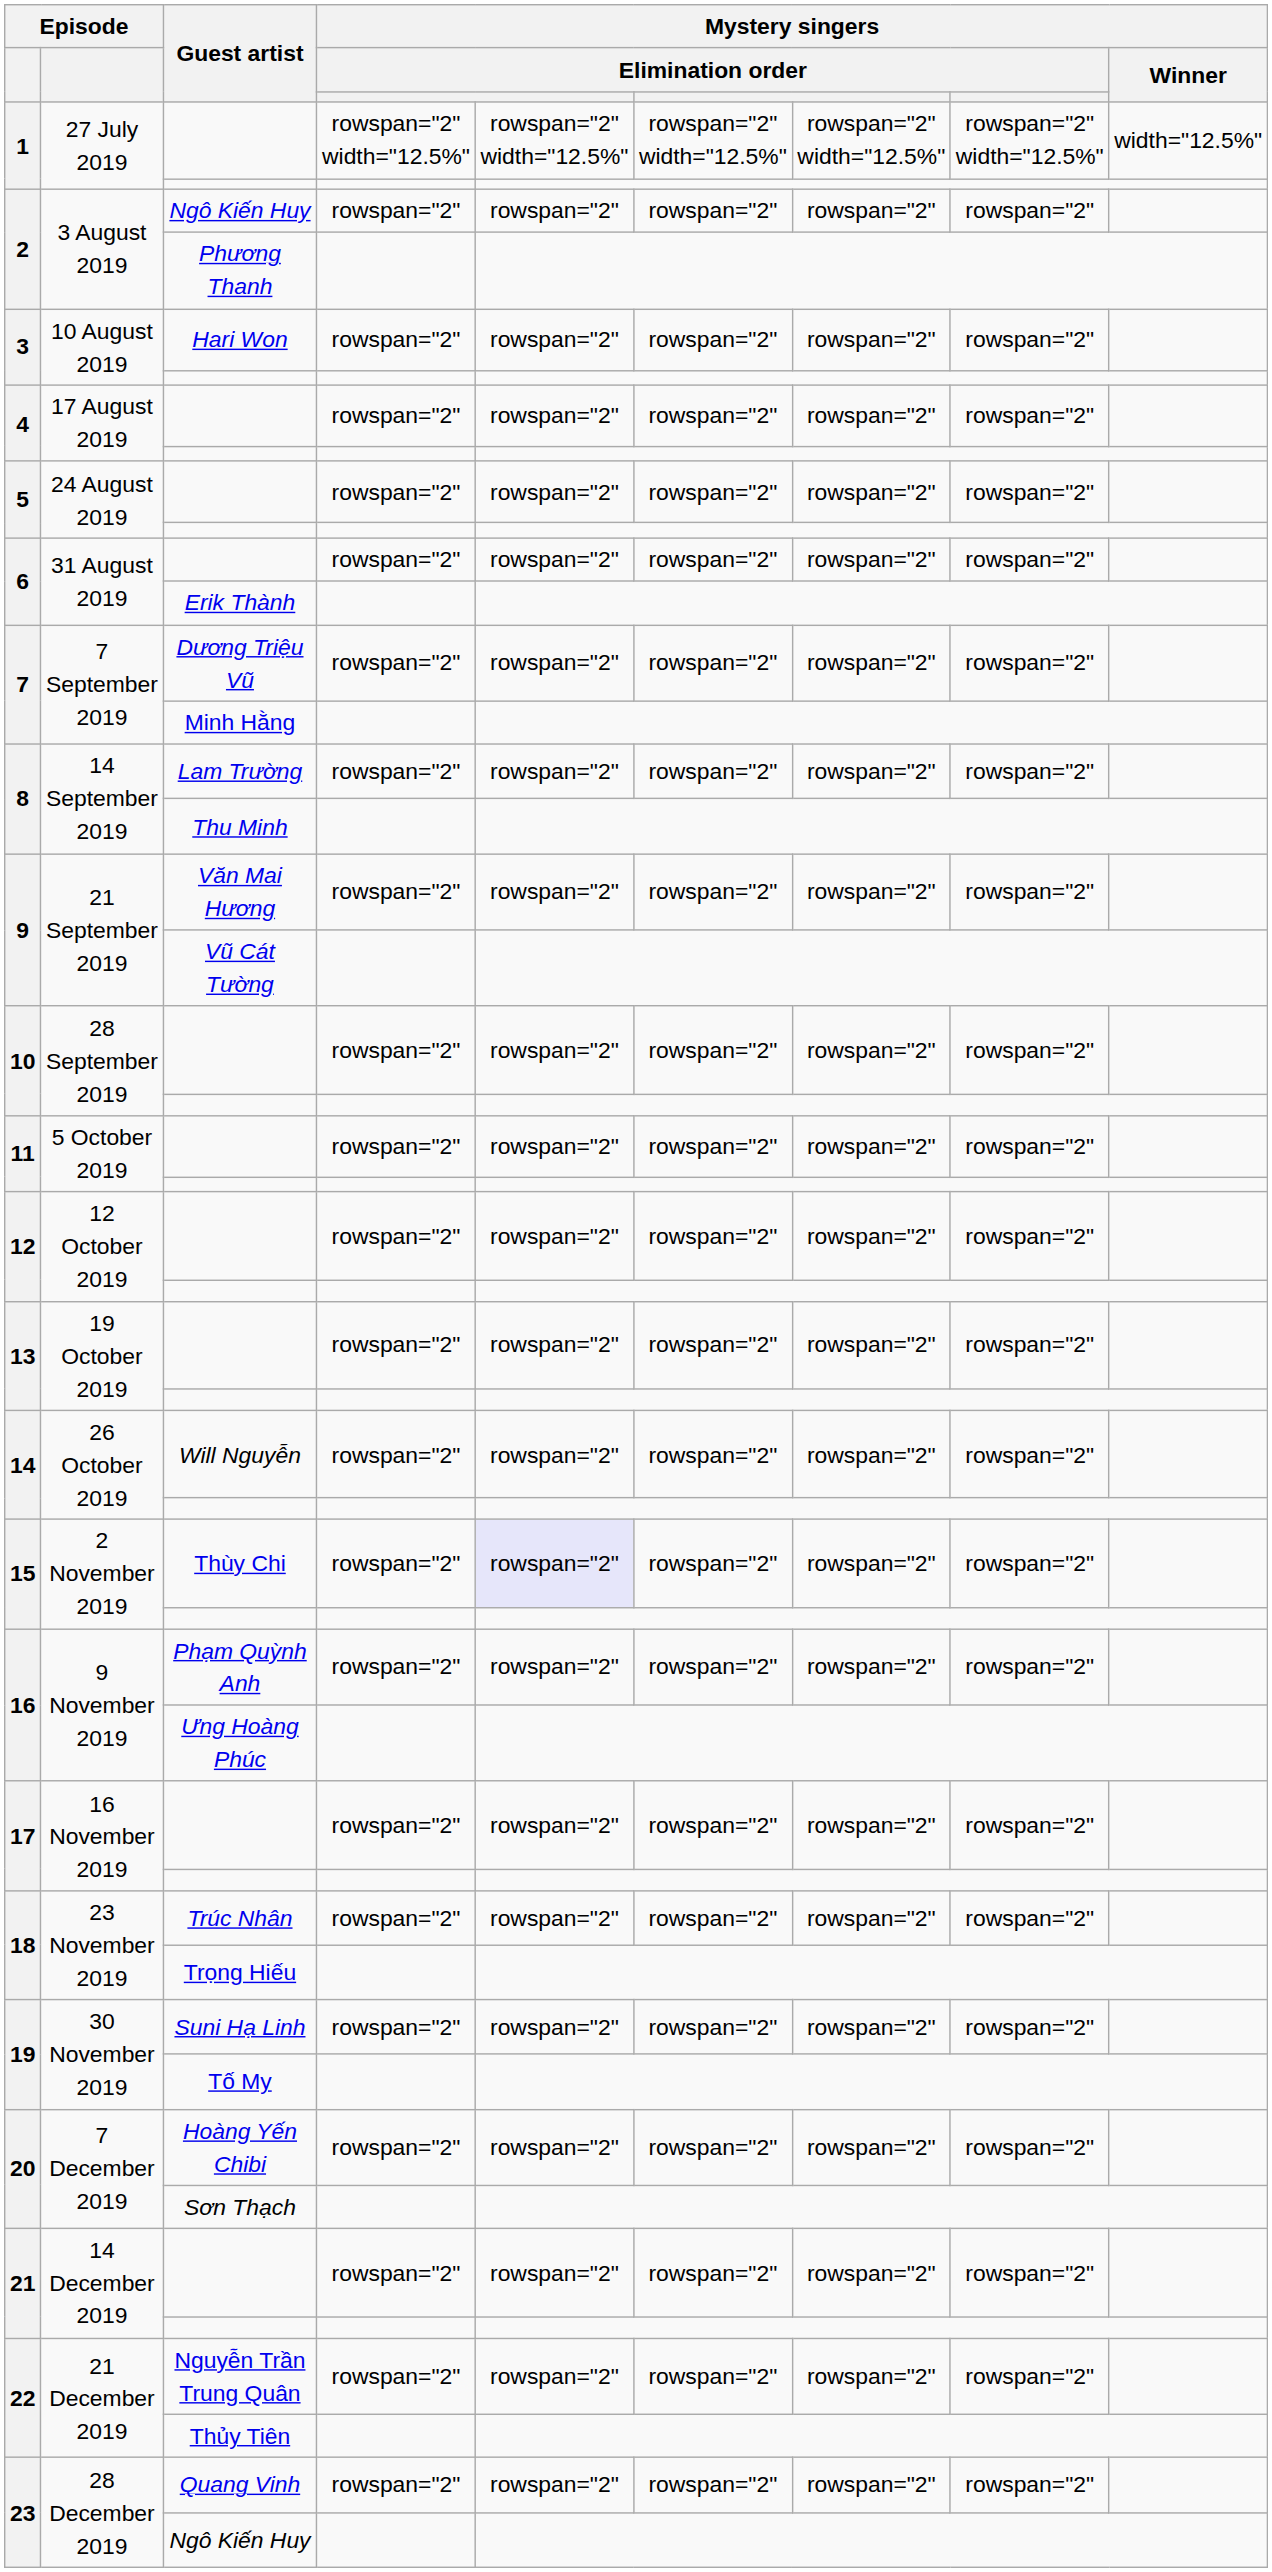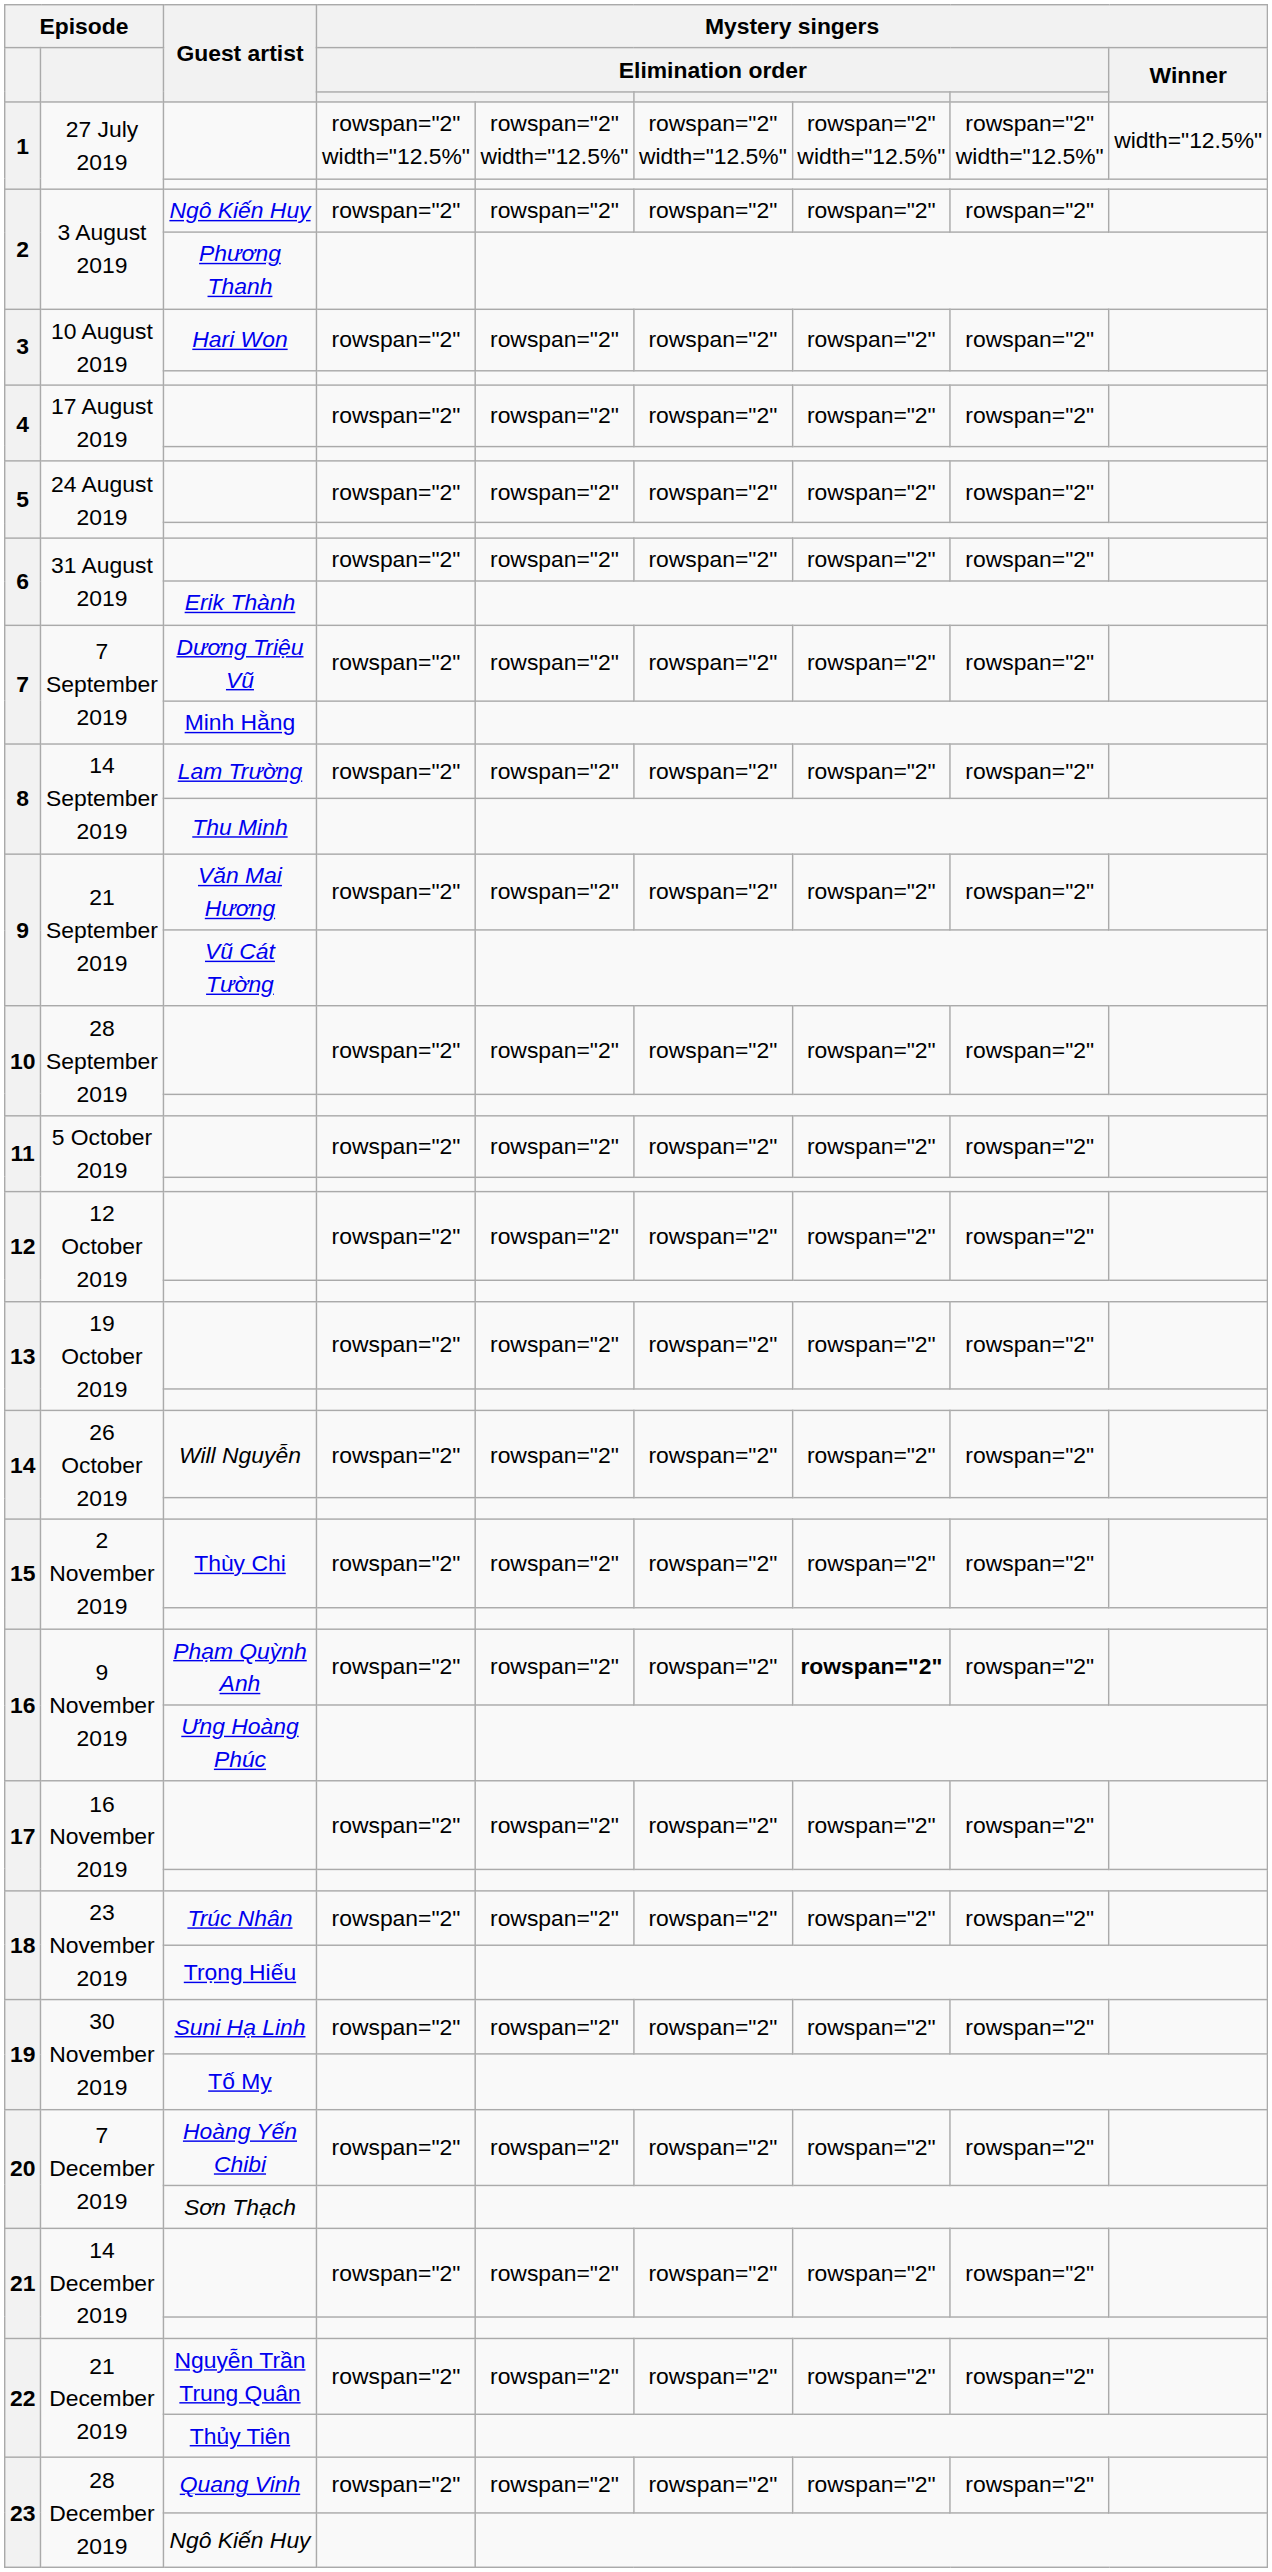 <table class="wikitable plainrowheaders mw-collapsible" style="text-align:center; line-height:23px; width:100%;">
 <tr>
 <th colspan="2" width="1%">Episode</th>
 <th rowspan="3" width="12.5%">Guest artist</th>
 <th colspan="6">Mystery singers<br></th>
 </tr>
 <tr>
 <th rowspan="2"></th>
 <th rowspan="2"></th>
 <th colspan="5">Elimination order</th>
 <th rowspan="2">Winner</th>
 </tr>
 <tr>
 <th colspan="2"></th>
 <th colspan="2"></th>
 <th></th>
 </tr>
 <tr>
 <th rowspan="2">1</th>
 <td rowspan="2">27 July 2019</td>
 <td><em></em></td>
 <td>rowspan="2" width="12.5%" </td>
 <td>rowspan="2" width="12.5%" </td>
 <td>rowspan="2" width="12.5%" </td>
 <td>rowspan="2" width="12.5%" </td>
 <td>rowspan="2" width="12.5%" </td>
 <td>width="12.5%" </td>
 </tr>
 <tr>
 <td><em></em></td>
 <td></td>
 </tr>
 <tr>
 <th rowspan="2">2</th>
 <td rowspan="2">3 August 2019</td>
 <td><em><a href='#'>Ngô Kiến Huy</a></em></td>
 <td>rowspan="2" </td>
 <td>rowspan="2" </td>
 <td>rowspan="2" </td>
 <td>rowspan="2" </td>
 <td>rowspan="2" </td>
 <td></td>
 </tr>
 <tr>
 <td><em><a href='#'>Phương Thanh</a></em></td>
 <td></td>
 </tr>
 <tr>
 <th rowspan="2">3</th>
 <td rowspan="2">10 August 2019</td>
 <td><em><a href='#'>Hari Won</a></em></td>
 <td>rowspan="2" </td>
 <td>rowspan="2" </td>
 <td>rowspan="2" </td>
 <td>rowspan="2" </td>
 <td>rowspan="2" </td>
 <td></td>
 </tr>
 <tr>
 <td><em></em></td>
 <td></td>
 </tr>
 <tr>
 <th rowspan="2">4</th>
 <td rowspan="2">17 August 2019</td>
 <td><em></em></td>
 <td>rowspan="2" </td>
 <td>rowspan="2" </td>
 <td>rowspan="2" </td>
 <td>rowspan="2" </td>
 <td>rowspan="2" </td>
 <td></td>
 </tr>
 <tr>
 <td><em></em></td>
 <td></td>
 </tr>
 <tr>
 <th rowspan="2">5</th>
 <td rowspan="2">24 August 2019</td>
 <td><em></em></td>
 <td>rowspan="2" </td>
 <td>rowspan="2" </td>
 <td>rowspan="2" </td>
 <td>rowspan="2" </td>
 <td>rowspan="2" </td>
 <td></td>
 </tr>
 <tr>
 <td><em></em></td>
 <td></td>
 </tr>
 <tr>
 <th rowspan="2">6</th>
 <td rowspan="2">31 August 2019</td>
 <td><em></em></td>
 <td>rowspan="2" </td>
 <td>rowspan="2" </td>
 <td>rowspan="2" </td>
 <td>rowspan="2" </td>
 <td>rowspan="2" </td>
 <td></td>
 </tr>
 <tr>
 <td><em><a href='#'>Erik Thành</a></em></td>
 <td></td>
 </tr>
 <tr>
 <th rowspan="2">7</th>
 <td rowspan="2">7 September 2019</td>
 <td><em><a href='#'>Dương Triệu Vũ</a></em></td>
 <td>rowspan="2" </td>
 <td>rowspan="2" </td>
 <td>rowspan="2" </td>
 <td>rowspan="2" </td>
 <td>rowspan="2" </td>
 <td></td>
 </tr>
 <tr>
 <td><a href='#'>Minh Hằng</a></td>
 <td></td>
 </tr>
 <tr>
 <th rowspan="2">8</th>
 <td rowspan="2">14 September 2019</td>
 <td><em><a href='#'>Lam Trường</a></em></td>
 <td>rowspan="2" </td>
 <td>rowspan="2" </td>
 <td>rowspan="2" </td>
 <td>rowspan="2" </td>
 <td>rowspan="2" </td>
 <td></td>
 </tr>
 <tr>
 <td><em><a href='#'>Thu Minh</a></em></td>
 <td></td>
 </tr>
 <tr>
 <th rowspan="2">9</th>
 <td rowspan="2">21 September 2019</td>
 <td><em><a href='#'>Văn Mai Hương</a></em></td>
 <td>rowspan="2" </td>
 <td>rowspan="2" </td>
 <td>rowspan="2" </td>
 <td>rowspan="2" </td>
 <td>rowspan="2" </td>
 <td></td>
 </tr>
 <tr>
 <td><em><a href='#'>Vũ Cát Tường</a></em></td>
 <td></td>
 </tr>
 <tr>
 <th rowspan="2">10</th>
 <td rowspan="2">28 September 2019</td>
 <td><em></em></td>
 <td>rowspan="2" </td>
 <td>rowspan="2" </td>
 <td>rowspan="2" </td>
 <td>rowspan="2" </td>
 <td>rowspan="2" </td>
 <td></td>
 </tr>
 <tr>
 <td><em></em></td>
 <td></td>
 </tr>
 <tr>
 <th rowspan="2">11</th>
 <td rowspan="2">5 October 2019</td>
 <td><em></em></td>
 <td>rowspan="2" </td>
 <td>rowspan="2" </td>
 <td>rowspan="2" </td>
 <td>rowspan="2" </td>
 <td>rowspan="2" </td>
 <td></td>
 </tr>
 <tr>
 <td></td>
 <td></td>
 </tr>
 <tr>
 <th rowspan="2">12</th>
 <td rowspan="2">12 October 2019</td>
 <td></td>
 <td>rowspan="2" </td>
 <td>rowspan="2" </td>
 <td>rowspan="2" </td>
 <td>rowspan="2" </td>
 <td>rowspan="2" </td>
 <td></td>
 </tr>
 <tr>
 <td></td>
 <td></td>
 </tr>
 <tr>
 <th rowspan="2">13</th>
 <td rowspan="2">19 October 2019</td>
 <td></td>
 <td>rowspan="2" </td>
 <td>rowspan="2" </td>
 <td>rowspan="2" </td>
 <td>rowspan="2" </td>
 <td>rowspan="2" </td>
 <td></td>
 </tr>
 <tr>
 <td><em></em></td>
 <td></td>
 </tr>
 <tr>
 <th rowspan="2">14</th>
 <td rowspan="2">26 October 2019</td>
 <td><em>Will Nguyễn<br></em></td>
 <td>rowspan="2" </td>
 <td>rowspan="2" </td>
 <td>rowspan="2" </td>
 <td>rowspan="2" </td>
 <td>rowspan="2" </td>
 <td></td>
 </tr>
 <tr>
 <td><em></em></td>
 <td></td>
 </tr>
 <tr>
 <th rowspan="2">15</th>
 <td rowspan="2">2 November 2019</td>
 <td><a href='#'>Thùy Chi</a></td>
 <td>rowspan="2" </td>
-<td style="background: lavender;">rowspan="2" </td>
+<td>rowspan="2" </td>
 <td>rowspan="2" </td>
 <td>rowspan="2" </td>
 <td>rowspan="2" </td>
 <td></td>
 </tr>
 <tr>
 <td><em></em></td>
 <td></td>
 </tr>
 <tr>
 <th rowspan="2">16</th>
 <td rowspan="2">9 November 2019</td>
 <td><em><a href='#'>Phạm Quỳnh Anh</a></em></td>
 <td>rowspan="2" </td>
 <td>rowspan="2" </td>
 <td>rowspan="2" </td>
-<td>rowspan="2" </td>
+<td><strong>rowspan="2" </strong></td>
 <td>rowspan="2" </td>
 <td></td>
 </tr>
 <tr>
 <td><em><a href='#'>Ưng Hoàng Phúc</a></em></td>
 <td></td>
 </tr>
 <tr>
 <th rowspan="2">17</th>
 <td rowspan="2">16 November 2019</td>
 <td></td>
 <td>rowspan="2" </td>
 <td>rowspan="2" </td>
 <td>rowspan="2" </td>
 <td>rowspan="2" </td>
 <td>rowspan="2" </td>
 <td></td>
 </tr>
 <tr>
 <td></td>
 <td></td>
 </tr>
 <tr>
 <th rowspan="2">18</th>
 <td rowspan="2">23 November 2019</td>
 <td><em><a href='#'>Trúc Nhân</a></em></td>
 <td>rowspan="2" </td>
 <td>rowspan="2" </td>
 <td>rowspan="2" </td>
 <td>rowspan="2" </td>
 <td>rowspan="2" </td>
 <td></td>
 </tr>
 <tr>
 <td><a href='#'>Trọng Hiếu</a></td>
 <td></td>
 </tr>
 <tr>
 <th rowspan="2">19</th>
 <td rowspan="2">30 November 2019</td>
 <td><em><a href='#'>Suni Hạ Linh</a></em></td>
 <td>rowspan="2" </td>
 <td>rowspan="2" </td>
 <td>rowspan="2" </td>
 <td>rowspan="2" </td>
 <td>rowspan="2" </td>
 <td></td>
 </tr>
 <tr>
 <td><a href='#'>Tố My</a></td>
 <td></td>
 </tr>
 <tr>
 <th rowspan="2">20</th>
 <td rowspan="2">7 December 2019</td>
 <td><em><a href='#'>Hoàng Yến Chibi</a></em></td>
 <td>rowspan="2" </td>
 <td>rowspan="2" </td>
 <td>rowspan="2" </td>
 <td>rowspan="2" </td>
 <td>rowspan="2" </td>
 <td></td>
 </tr>
 <tr>
 <td><em>Sơn Thạch<br></em></td>
 <td></td>
 </tr>
 <tr>
 <th rowspan="2">21</th>
 <td rowspan="2">14 December 2019</td>
 <td><em></em></td>
 <td>rowspan="2" </td>
 <td>rowspan="2" </td>
 <td>rowspan="2" </td>
 <td>rowspan="2" </td>
 <td>rowspan="2" </td>
 <td></td>
 </tr>
 <tr>
 <td><em></em></td>
 <td></td>
 </tr>
 <tr>
 <th rowspan="2">22</th>
 <td rowspan="2">21 December 2019</td>
 <td><a href='#'>Nguyễn Trần Trung Quân</a></td>
 <td>rowspan="2" </td>
 <td>rowspan="2" </td>
 <td>rowspan="2" </td>
 <td>rowspan="2" </td>
 <td>rowspan="2" </td>
 <td></td>
 </tr>
 <tr>
 <td><a href='#'>Thủy Tiên</a></td>
 <td></td>
 </tr>
 <tr>
 <th rowspan="2">23</th>
 <td rowspan="2">28 December 2019</td>
 <td><em><a href='#'>Quang Vinh</a></em></td>
 <td>rowspan="2" </td>
 <td>rowspan="2" </td>
 <td>rowspan="2" </td>
 <td>rowspan="2" </td>
 <td>rowspan="2" </td>
 <td></td>
 </tr>
 <tr>
 <td><em>Ngô Kiến Huy</em></td>
 <td></td>
 </tr>
 </table>
